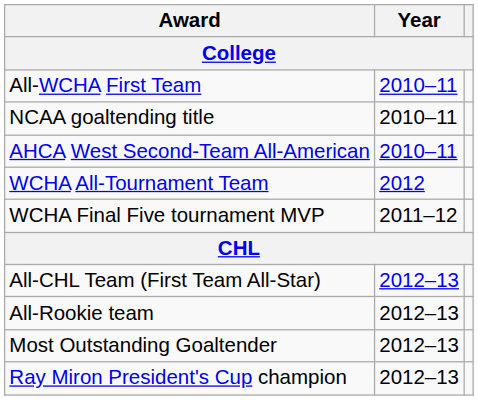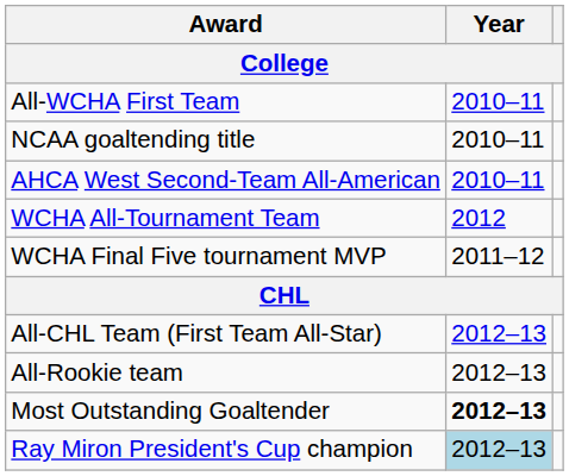 <table class="wikitable">
 <tr>
 <th>Award</th>
 <th>Year</th>
 <th></th>
 </tr>
 <tr>
 <th colspan="3"><a href='#'>College</a></th>
 </tr>
 <tr>
 <td>All-<a href='#'>WCHA</a> <a href='#'>First Team</a></td>
 <td><a href='#'>2010–11</a></td>
 <td></td>
 </tr>
 <tr>
 <td>NCAA goaltending title</td>
 <td>2010–11</td>
 <td></td>
 </tr>
 <tr>
 <td><a href='#'>AHCA</a> <a href='#'>West Second-Team All-American</a></td>
 <td><a href='#'>2010–11</a></td>
 <td></td>
 </tr>
 <tr>
 <td><a href='#'>WCHA</a> <a href='#'>All-Tournament Team</a></td>
 <td><a href='#'>2012</a></td>
 <td></td>
 </tr>
 <tr>
 <td>WCHA Final Five tournament MVP</td>
 <td>2011–12</td>
 <td></td>
 </tr>
 <tr>
 <th colspan="3"><a href='#'>CHL</a></th>
 </tr>
 <tr>
 <td>All-CHL Team (First Team All-Star)</td>
 <td><a href='#'>2012–13</a></td>
 <td></td>
 </tr>
 <tr>
 <td>All-Rookie team</td>
 <td>2012–13</td>
 <td></td>
 </tr>
 <tr>
 <td>Most Outstanding Goaltender</td>
-<td>2012–13</td>
+<td><strong>2012–13</strong></td>
 <td></td>
 </tr>
 <tr>
 <td><a href='#'>Ray Miron President's Cup</a> champion</td>
-<td>2012–13</td>
+<td style="background: lightblue;">2012–13</td>
 <td></td>
 </tr>
 </table>
